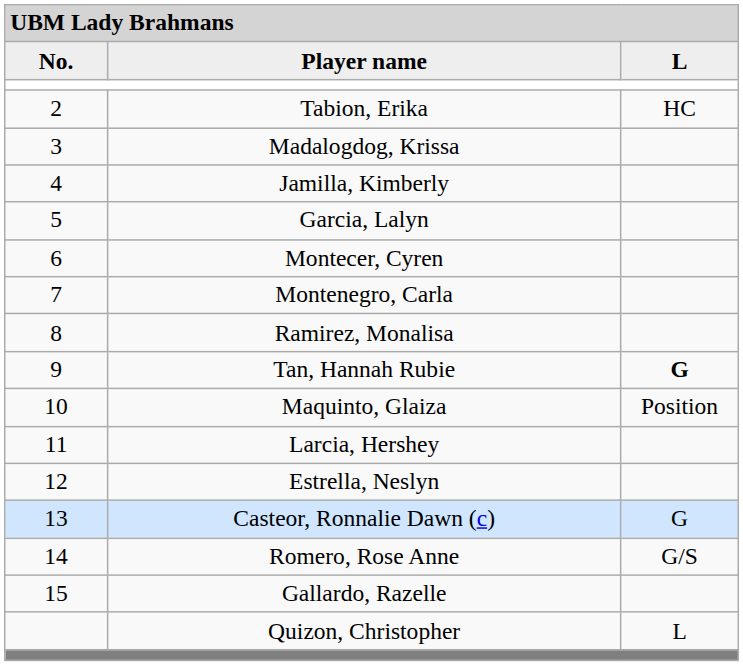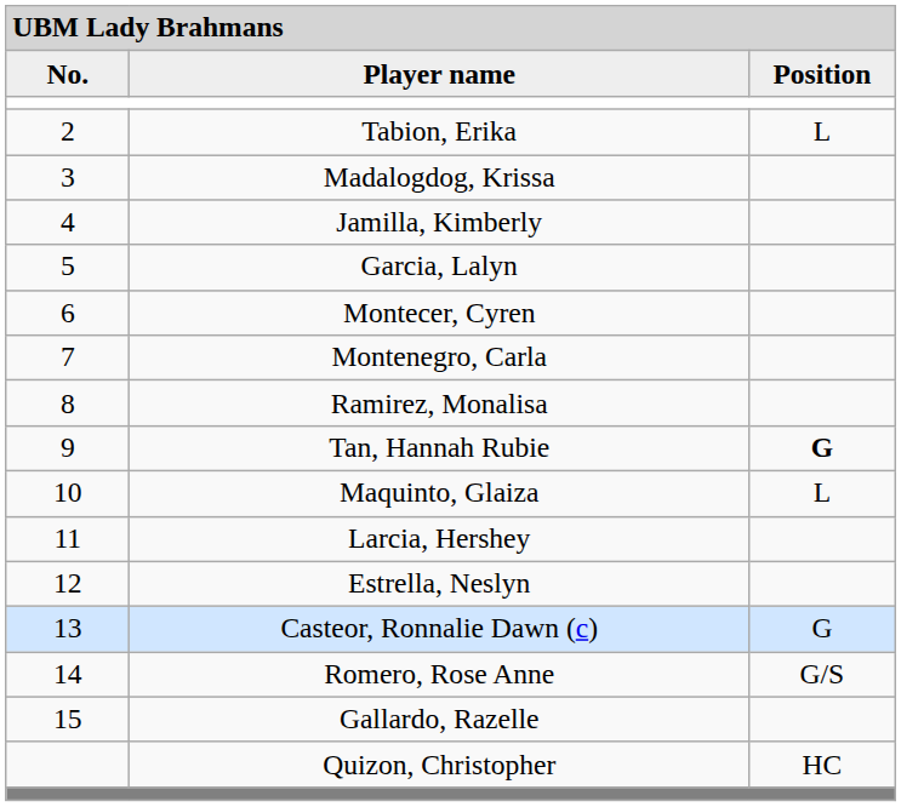 <table class='wikitable mw-collapsible mw-collapsed' style='text-align: center; width: 500px; border: none;'>
 <tr>
 <th style="background:#D4D4D4; text-align:left;" colspan=3> UBM Lady Brahmans</th>
 </tr>
 <tr style="background:#EEEEEE; font-weight:bold;">
 <td width=10%>No.</td>
 <td width=50%>Player name</td>
-<td align=center>L</td>
+<td width=10%>Position</td>
 </tr>
 <tr style="background:#FFFFFF;">
 <td colspan=3 align=center></td>
 </tr>
 <tr>
 <td align=center>2</td>
 <td>Tabion, Erika</td>
-<td align=center>HC</td>
+<td align=center>L</td>
 </tr>
 <tr>
 <td align=center>3</td>
 <td>Madalogdog, Krissa</td>
 <td align=center></td>
 </tr>
 <tr>
 <td align=center>4</td>
 <td>Jamilla, Kimberly</td>
 <td align=center></td>
 </tr>
 <tr>
 <td align=center>5</td>
 <td>Garcia, Lalyn</td>
 <td align=center></td>
 </tr>
 <tr>
 <td align=center>6</td>
 <td>Montecer, Cyren</td>
 <td align=center></td>
 </tr>
 <tr>
 <td align=center>7</td>
 <td>Montenegro, Carla</td>
 <td align=center></td>
 </tr>
 <tr>
 <td align=center>8</td>
 <td>Ramirez, Monalisa</td>
 <td align=center></td>
 </tr>
 <tr>
 <td align=center>9</td>
 <td>Tan, Hannah Rubie</td>
 <td align=center><strong>G</strong></td>
 </tr>
 <tr>
 <td align=center>10</td>
 <td>Maquinto, Glaiza</td>
-<td width=10%>Position</td>
+<td align=center>L</td>
 </tr>
 <tr>
 <td align=center>11</td>
 <td>Larcia, Hershey</td>
 <td align=center></td>
 </tr>
 <tr>
 <td align=center>12</td>
 <td>Estrella, Neslyn</td>
 <td align=center></td>
 </tr>
 <tr style="background: #D0E6FF;">
 <td align=center>13</td>
 <td>Casteor, Ronnalie Dawn (<a href='#'>c</a>)</td>
 <td align=center>G</td>
 </tr>
 <tr>
 <td align=center>14</td>
 <td>Romero, Rose Anne</td>
 <td align=center>G/S</td>
 </tr>
 <tr>
 <td align=center>15</td>
 <td>Gallardo, Razelle</td>
 <td align=center></td>
 </tr>
 <tr>
 <td align=center></td>
 <td>Quizon, Christopher</td>
-<td align=center>L</td>
+<td align=center>HC</td>
 </tr>
 <tr>
 <th style='background: grey;' colspan=3></th>
 </tr>
 </table>
